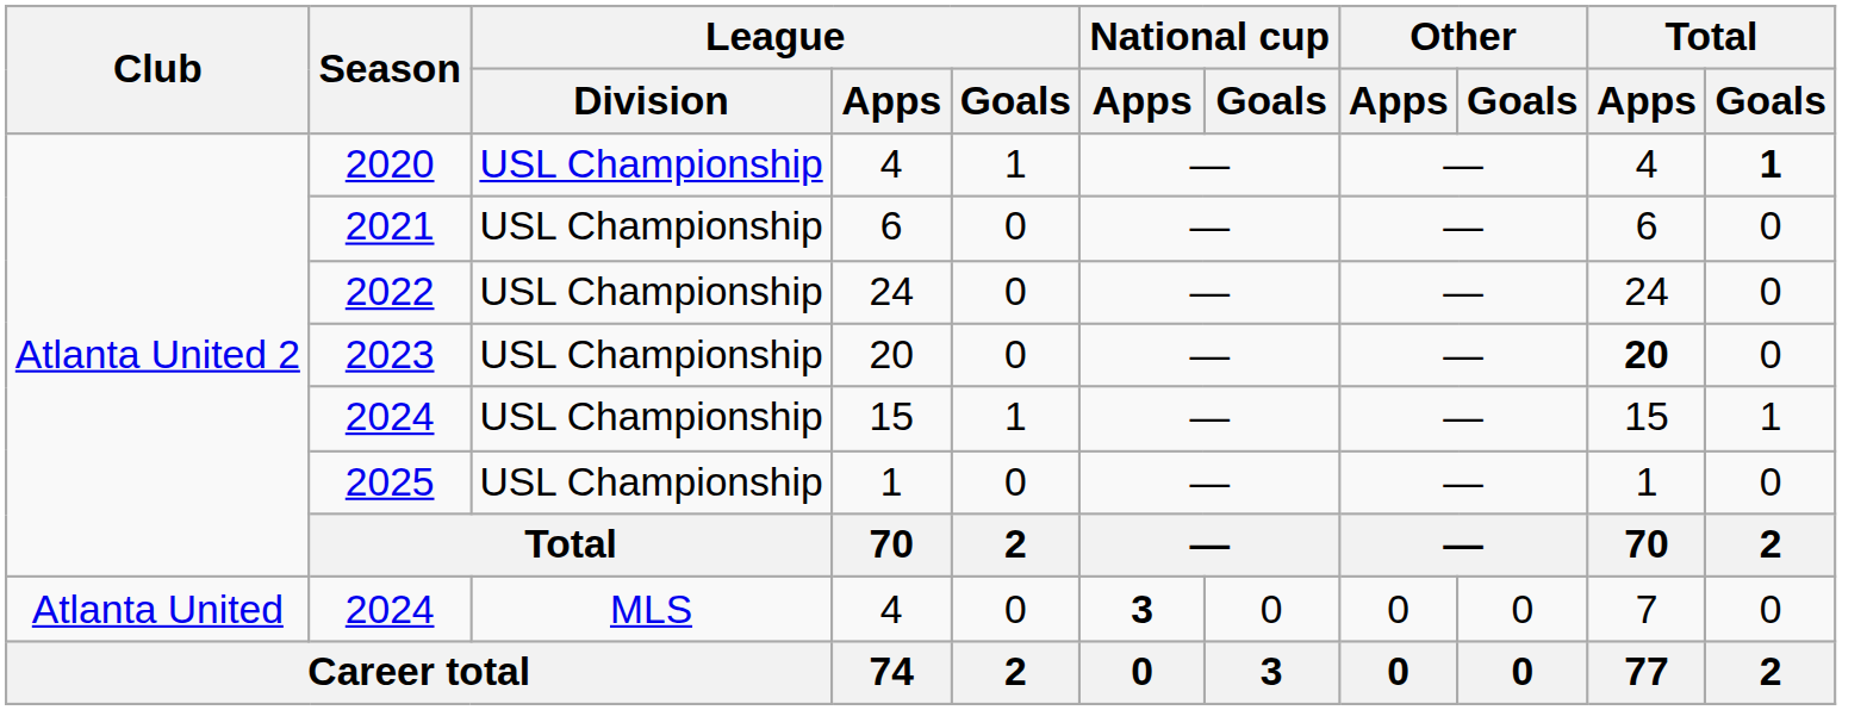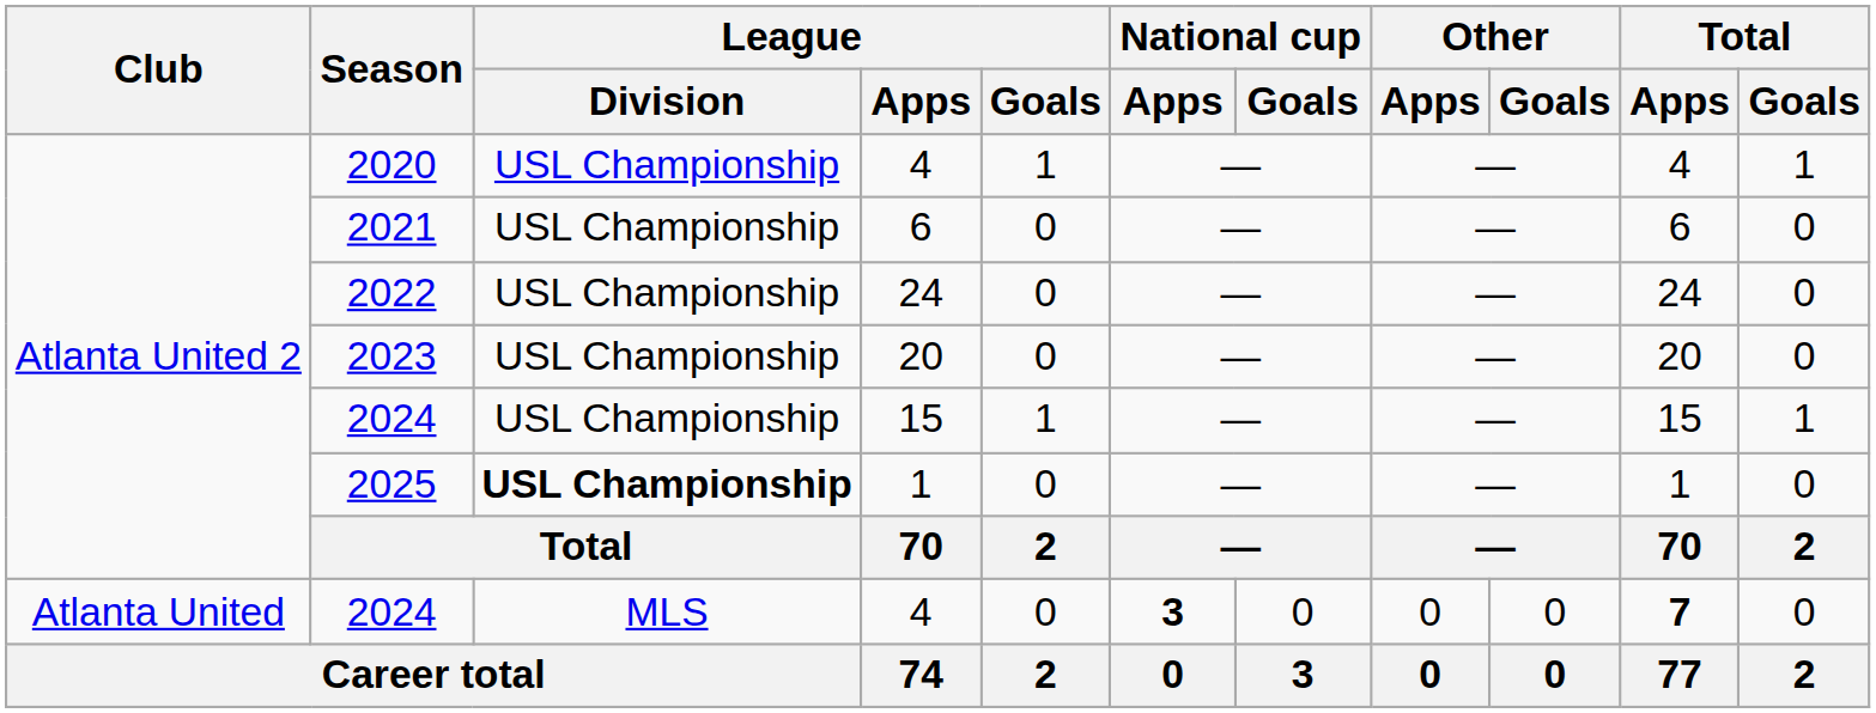 <table class=wikitable style=text-align:center>
 <tr>
 <th rowspan=2>Club</th>
 <th rowspan=2>Season</th>
 <th colspan=3>League</th>
 <th colspan=2>National cup</th>
 <th colspan=2>Other</th>
 <th colspan=2>Total</th>
 </tr>
 <tr>
 <th>Division</th>
 <th>Apps</th>
 <th>Goals</th>
 <th>Apps</th>
 <th>Goals</th>
 <th>Apps</th>
 <th>Goals</th>
 <th>Apps</th>
 <th>Goals</th>
 </tr>
 <tr>
 <td rowspan=7><a href='#'>Atlanta United 2</a></td>
 <td><a href='#'>2020</a></td>
 <td><a href='#'>USL Championship</a></td>
 <td>4</td>
 <td>1</td>
 <td colspan=2>—</td>
 <td colspan=2>—</td>
 <td>4</td>
-<td><strong>1</strong></td>
+<td>1</td>
 </tr>
 <tr>
 <td><a href='#'>2021</a></td>
 <td>USL Championship</td>
 <td>6</td>
 <td>0</td>
 <td colspan=2>—</td>
 <td colspan=2>—</td>
 <td>6</td>
 <td>0</td>
 </tr>
 <tr>
 <td><a href='#'>2022</a></td>
 <td>USL Championship</td>
 <td>24</td>
 <td>0</td>
 <td colspan=2>—</td>
 <td colspan=2>—</td>
 <td>24</td>
 <td>0</td>
 </tr>
 <tr>
 <td><a href='#'>2023</a></td>
 <td>USL Championship</td>
 <td>20</td>
 <td>0</td>
 <td colspan=2>—</td>
 <td colspan=2>—</td>
-<td><strong>20</strong></td>
+<td>20</td>
 <td>0</td>
 </tr>
 <tr>
 <td><a href='#'>2024</a></td>
 <td>USL Championship</td>
 <td>15</td>
 <td>1</td>
 <td colspan=2>—</td>
 <td colspan=2>—</td>
 <td>15</td>
 <td>1</td>
 </tr>
 <tr>
 <td><a href='#'>2025</a></td>
-<td>USL Championship</td>
+<td><strong>USL Championship</strong></td>
 <td>1</td>
 <td>0</td>
 <td colspan="2">—</td>
 <td colspan="2">—</td>
 <td>1</td>
 <td>0</td>
 </tr>
 <tr>
 <th colspan=2>Total</th>
 <th>70</th>
 <th>2</th>
 <th colspan=2>—</th>
 <th colspan=2>—</th>
 <th>70</th>
 <th>2</th>
 </tr>
 <tr>
 <td><a href='#'>Atlanta United</a></td>
 <td><a href='#'>2024</a></td>
 <td><a href='#'>MLS</a></td>
 <td>4</td>
 <td>0</td>
 <td><strong>3</strong></td>
 <td>0</td>
 <td>0</td>
 <td>0</td>
-<td>7</td>
+<td><strong>7</strong></td>
 <td>0</td>
 </tr>
 <tr>
 <th colspan=3>Career total</th>
 <th>74</th>
 <th>2</th>
 <th>0</th>
 <th>3</th>
 <th>0</th>
 <th>0</th>
 <th>77</th>
 <th>2</th>
 </tr>
 </table>
